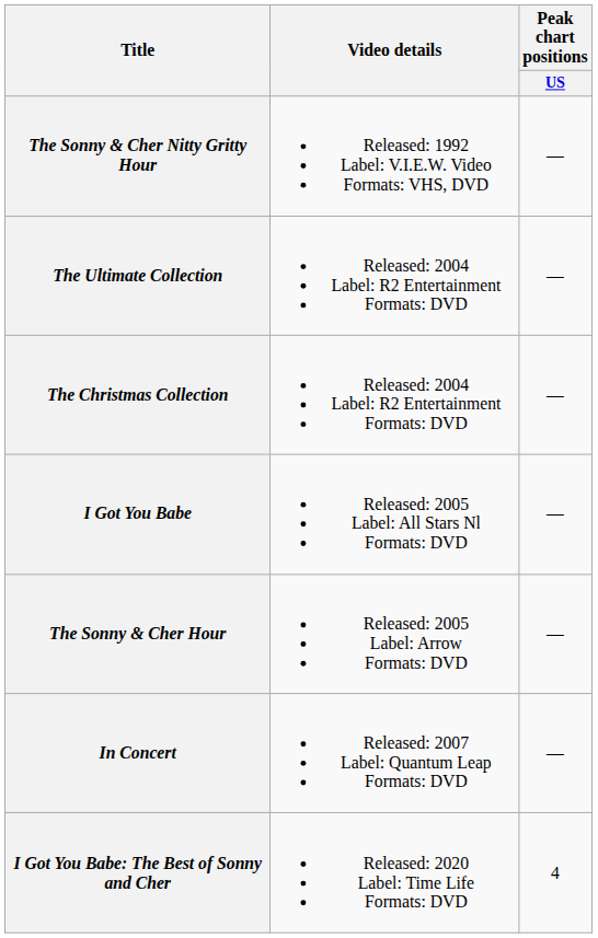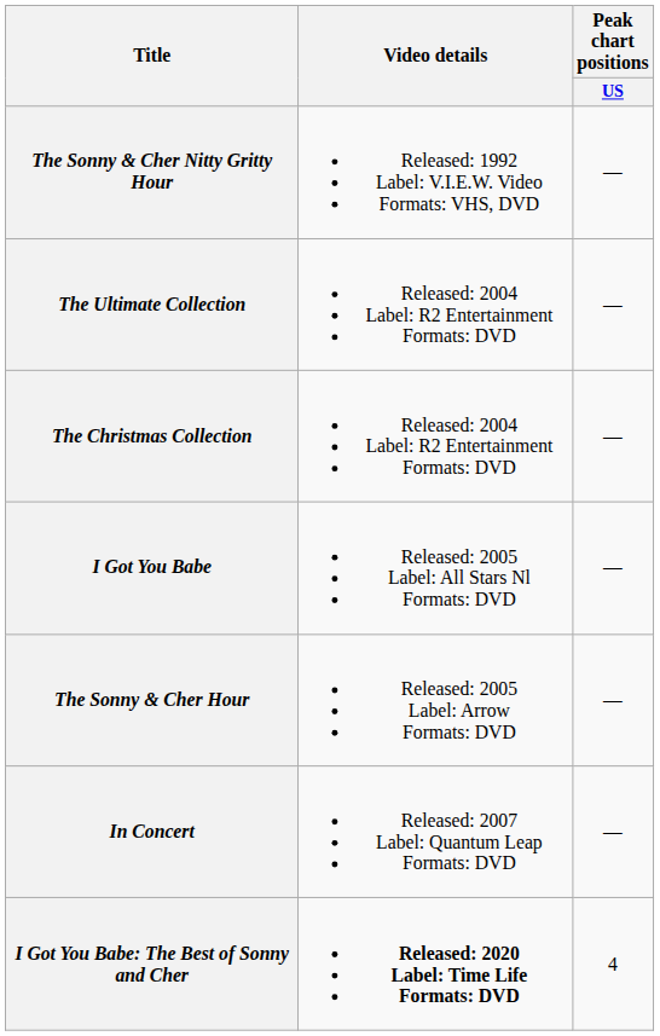 <table class="wikitable plainrowheaders" style="text-align:center;">
 <tr>
 <th scope="col" rowspan="2" style="width:15em;">Title</th>
 <th scope="col" rowspan="2" style="width:14em;">Video details</th>
 <th scope="col" colspan="1">Peak chart positions</th>
 </tr>
 <tr>
 <th scope="col" style="width:2.5em;font-size:90%;"><a href='#'>US</a><br></th>
 </tr>
 <tr>
 <th scope="row"><em>The Sonny & Cher Nitty Gritty Hour</em></th>
 <td><br><ul><li>Released: 1992</li><li>Label: V.I.E.W. Video</li><li>Formats: VHS, DVD</li></ul></td>
 <td>—</td>
 </tr>
 <tr>
 <th scope="row"><em>The Ultimate Collection</em></th>
 <td><br><ul><li>Released: 2004</li><li>Label: R2 Entertainment</li><li>Formats: DVD</li></ul></td>
 <td>—</td>
 </tr>
 <tr>
 <th scope="row"><em>The Christmas Collection</em></th>
 <td><br><ul><li>Released: 2004</li><li>Label: R2 Entertainment</li><li>Formats: DVD</li></ul></td>
 <td>—</td>
 </tr>
 <tr>
 <th scope="row"><em>I Got You Babe</em></th>
 <td><br><ul><li>Released: 2005</li><li>Label: All Stars Nl</li><li>Formats: DVD</li></ul></td>
 <td>—</td>
 </tr>
 <tr>
 <th scope="row"><em>The Sonny & Cher Hour</em></th>
 <td><br><ul><li>Released: 2005</li><li>Label: Arrow</li><li>Formats: DVD</li></ul></td>
 <td>—</td>
 </tr>
 <tr>
 <th scope="row"><em>In Concert</em></th>
 <td><br><ul><li>Released: 2007</li><li>Label: Quantum Leap</li><li>Formats: DVD</li></ul></td>
 <td>—</td>
 </tr>
 <tr>
 <th scope="row"><em>I Got You Babe: The Best of Sonny and Cher</em></th>
-<td><br><ul><li>Released: 2020</li><li>Label: Time Life</li><li>Formats: DVD</li></ul></td>
+<td><strong><br><ul><li>Released: 2020</li><li>Label: Time Life</li><li>Formats: DVD</li></ul></strong></td>
 <td>4</td>
 </tr>
 </table>
